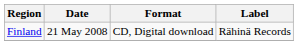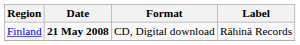 <table class=wikitable>
 <tr>
 <th>Region</th>
 <th>Date</th>
 <th>Format</th>
 <th>Label</th>
 </tr>
 <tr>
 <td><a href='#'>Finland</a></td>
-<td>21 May 2008</td>
+<td><strong>21 May 2008</strong></td>
 <td>CD, Digital download</td>
 <td>Rähinä Records</td>
 </tr>
 <tr>
 </tr>
 </table>
